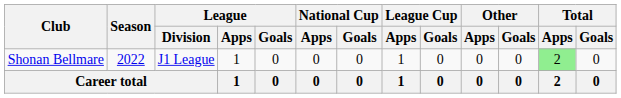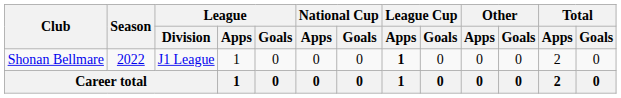 <table class="wikitable" style="text-align: center">
 <tr>
 <th rowspan="2">Club</th>
 <th rowspan="2">Season</th>
 <th colspan="3">League</th>
 <th colspan="2">National Cup</th>
 <th colspan="2">League Cup</th>
 <th colspan="2">Other</th>
 <th colspan="2">Total</th>
 </tr>
 <tr>
 <th>Division</th>
 <th>Apps</th>
 <th>Goals</th>
 <th>Apps</th>
 <th>Goals</th>
 <th>Apps</th>
 <th>Goals</th>
 <th>Apps</th>
 <th>Goals</th>
 <th>Apps</th>
 <th>Goals</th>
 </tr>
 <tr>
 <td><a href='#'>Shonan Bellmare</a></td>
 <td><a href='#'>2022</a></td>
 <td><a href='#'>J1 League</a></td>
 <td>1</td>
 <td>0</td>
 <td>0</td>
 <td>0</td>
-<td>1</td>
+<td><strong>1</strong></td>
 <td>0</td>
 <td>0</td>
 <td>0</td>
-<td style="background: lightgreen;">2</td>
+<td>2</td>
 <td>0</td>
 </tr>
 <tr>
 <th colspan=3>Career total</th>
 <th>1</th>
 <th>0</th>
 <th>0</th>
 <th>0</th>
 <th>1</th>
 <th>0</th>
 <th>0</th>
 <th>0</th>
 <th>2</th>
 <th>0</th>
 </tr>
 </table>
